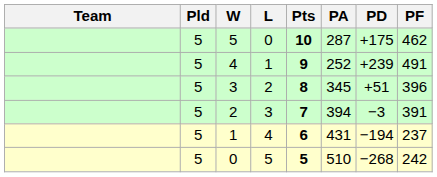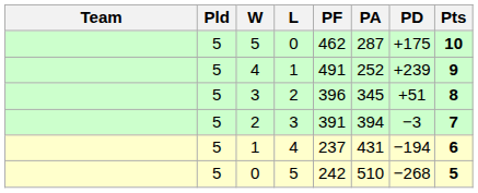 <table class=wikitable style="text-align:center">
 <tr>
 <th width=180>Team</th>
 <th width=30>Pld</th>
 <th width=30>W</th>
 <th width=30>L</th>
-<th width=30>Pts</th>
+<th width=30>PF</th>
 <th width=30>PA</th>
 <th width=30>PD</th>
-<th width=30>PF</th>
+<th width=30>Pts</th>
 </tr>
 <tr align=center bgcolor="#ccffcc">
 <td align=left></td>
 <td>5</td>
 <td>5</td>
 <td>0</td>
-<td><strong>10</strong></td>
+<td>462</td>
 <td>287</td>
 <td>+175</td>
-<td>462</td>
+<td><strong>10</strong></td>
 </tr>
 <tr align=center bgcolor="#ccffcc">
 <td align=left></td>
 <td>5</td>
 <td>4</td>
 <td>1</td>
-<td><strong>9</strong></td>
+<td>491</td>
 <td>252</td>
 <td>+239</td>
-<td>491</td>
+<td><strong>9</strong></td>
 </tr>
 <tr align=center bgcolor="#ccffcc">
 <td align=left></td>
 <td>5</td>
 <td>3</td>
 <td>2</td>
-<td><strong>8</strong></td>
+<td>396</td>
 <td>345</td>
 <td>+51</td>
-<td>396</td>
+<td><strong>8</strong></td>
 </tr>
 <tr align=center bgcolor="#ccffcc">
 <td align=left></td>
 <td>5</td>
 <td>2</td>
 <td>3</td>
-<td><strong>7</strong></td>
+<td>391</td>
 <td>394</td>
 <td>−3</td>
-<td>391</td>
+<td><strong>7</strong></td>
 </tr>
 <tr align=center bgcolor="#ffffcc">
 <td align=left></td>
 <td>5</td>
 <td>1</td>
 <td>4</td>
-<td><strong>6</strong></td>
+<td>237</td>
 <td>431</td>
 <td>−194</td>
-<td>237</td>
+<td><strong>6</strong></td>
 </tr>
 <tr align=center bgcolor="#ffffcc">
 <td align=left></td>
 <td>5</td>
 <td>0</td>
 <td>5</td>
-<td><strong>5</strong></td>
+<td>242</td>
 <td>510</td>
 <td>−268</td>
-<td>242</td>
+<td><strong>5</strong></td>
 </tr>
 </table>
